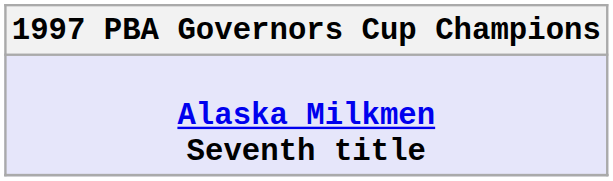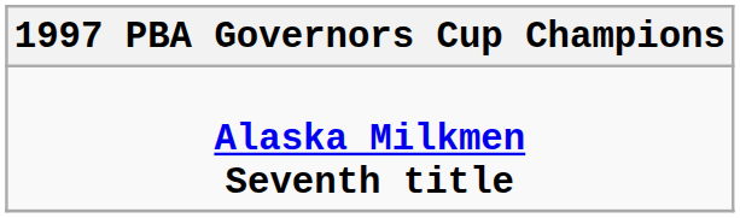 <table class=wikitable style="text-align:center; margin:auto">
 <tr>
 <th>1997 PBA Governors Cup Champions</th>
 </tr>
 <tr>
-<td style="background: lavender;"><br> <strong><a href='#'>Alaska Milkmen</a></strong> <br> <strong>Seventh title</strong></td>
+<td><br> <strong><a href='#'>Alaska Milkmen</a></strong> <br> <strong>Seventh title</strong></td>
 </tr>
 <tr>
 </tr>
 </table>
